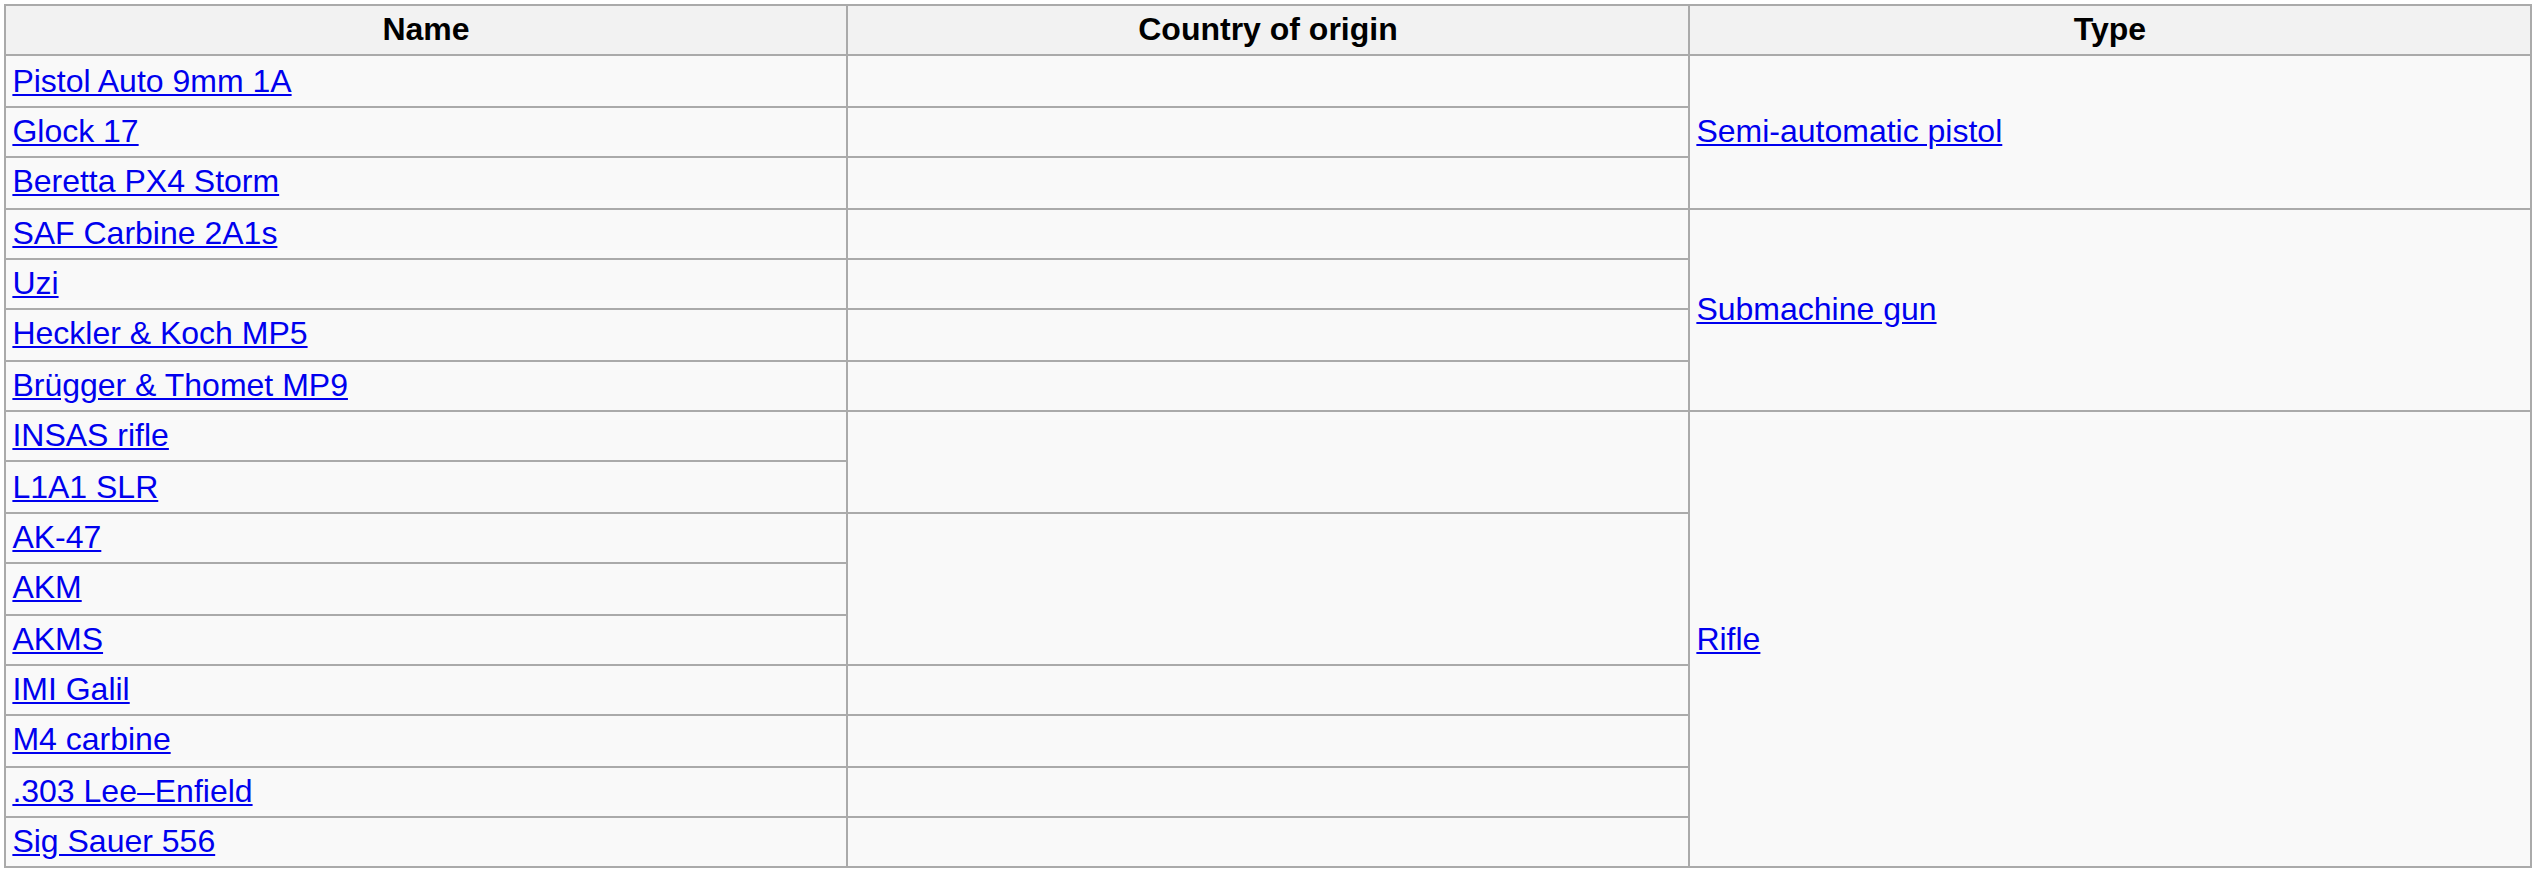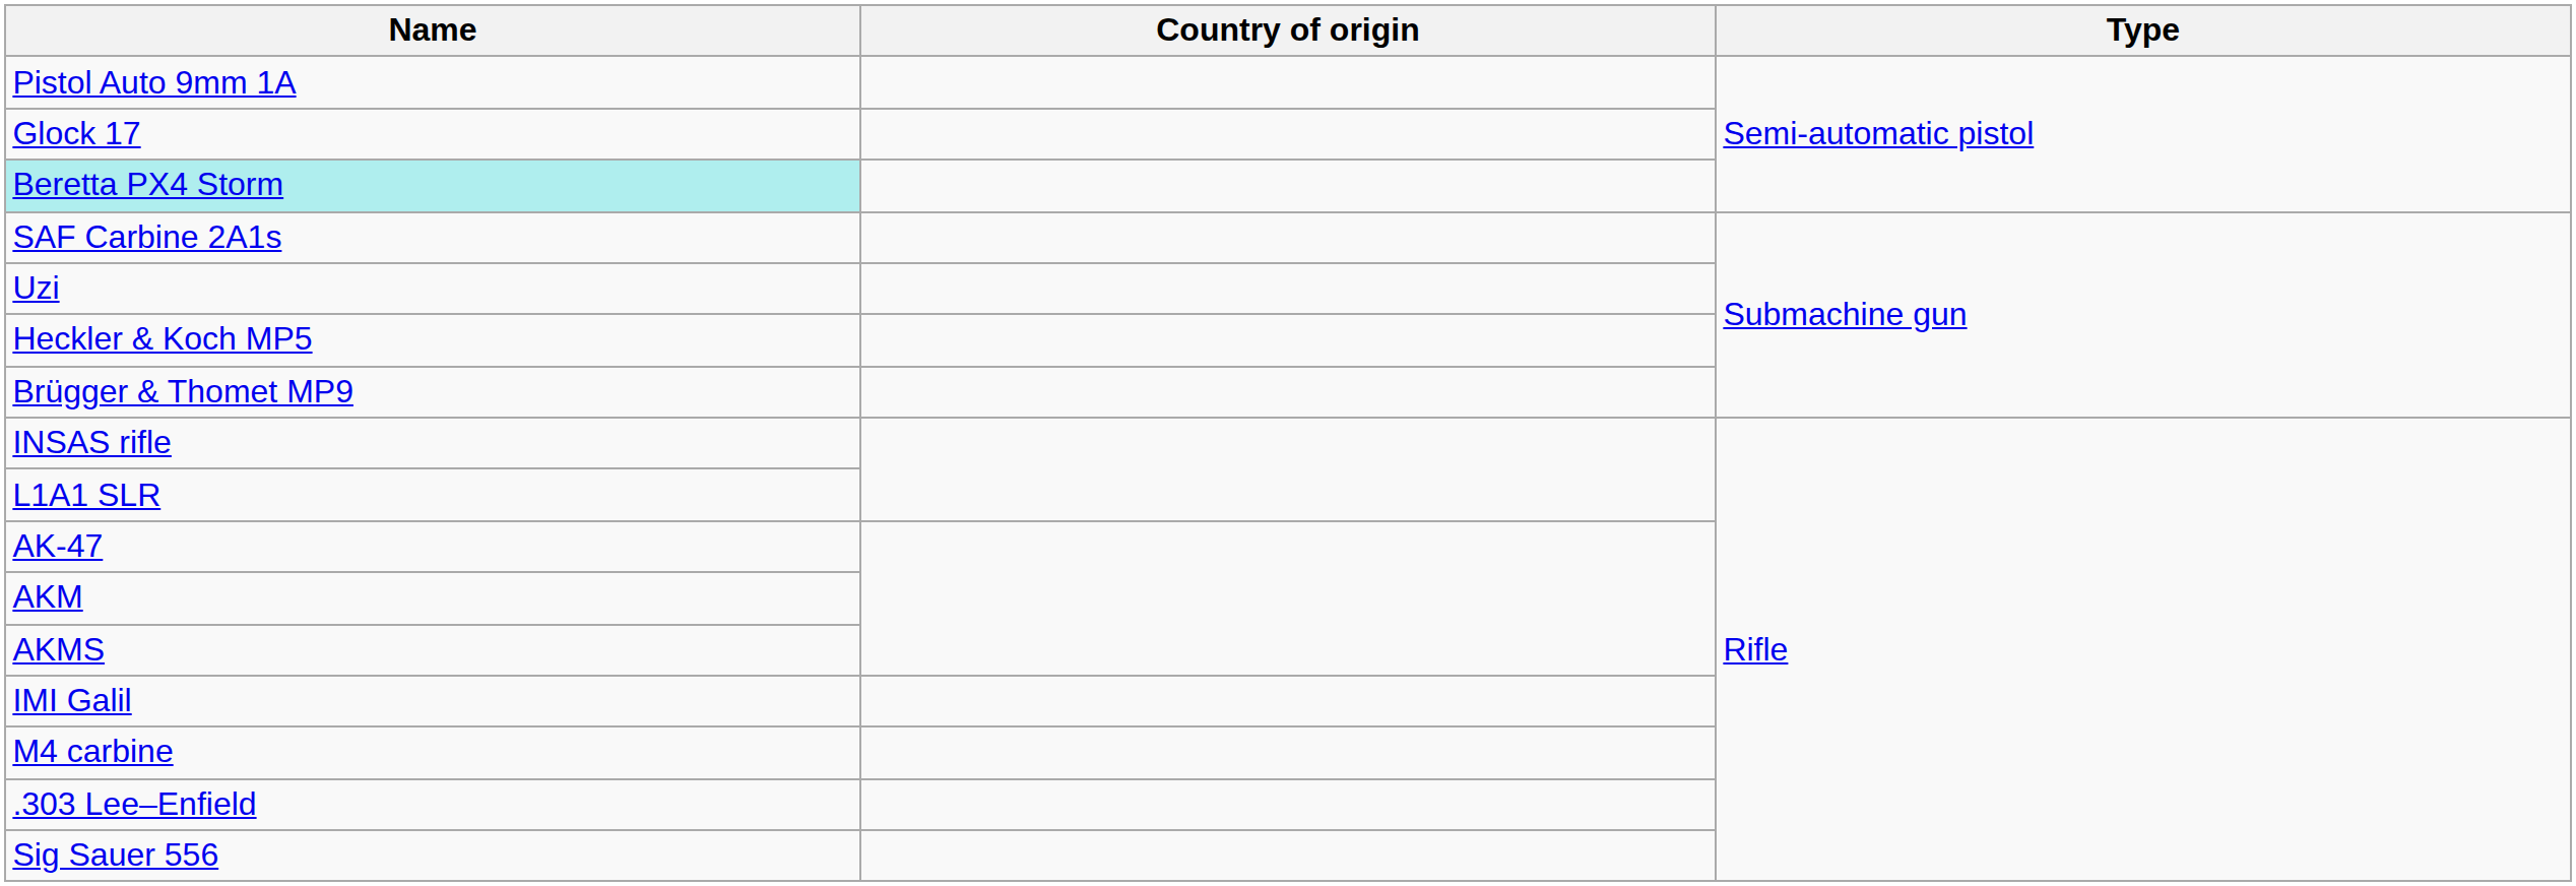 <table class="wikitable" width="100%" border="0">
 <tr>
 <th width="25%">Name</th>
 <th width="25%">Country of origin</th>
 <th width="25%">Type</th>
 </tr>
 <tr>
 <td><a href='#'>Pistol Auto 9mm 1A</a></td>
 <td></td>
 <td rowspan="3"><a href='#'>Semi-automatic pistol</a></td>
 </tr>
 <tr>
 <td><a href='#'>Glock 17</a></td>
 <td></td>
 </tr>
 <tr>
-<td><a href='#'>Beretta PX4 Storm</a></td>
+<td style="background: paleturquoise;"><a href='#'>Beretta PX4 Storm</a></td>
 <td></td>
 </tr>
 <tr>
 <td><a href='#'>SAF Carbine 2A1s</a></td>
 <td></td>
 <td rowspan="4"><a href='#'>Submachine gun</a></td>
 </tr>
 <tr>
 <td><a href='#'>Uzi</a></td>
 <td></td>
 </tr>
 <tr>
 <td><a href='#'>Heckler & Koch MP5</a></td>
 <td></td>
 </tr>
 <tr>
 <td><a href='#'>Brügger & Thomet MP9</a></td>
 <td></td>
 </tr>
 <tr>
 <td><a href='#'>INSAS rifle</a></td>
 <td rowspan="2"></td>
 <td rowspan="9"><a href='#'>Rifle</a></td>
 </tr>
 <tr>
 <td><a href='#'>L1A1 SLR</a></td>
 </tr>
 <tr>
 <td><a href='#'>AK-47</a></td>
 <td rowspan="3"></td>
 </tr>
 <tr>
 <td><a href='#'>AKM</a></td>
 </tr>
 <tr>
 <td><a href='#'>AKMS</a></td>
 </tr>
 <tr>
 <td><a href='#'>IMI Galil</a></td>
 <td></td>
 </tr>
 <tr>
 <td><a href='#'>M4 carbine</a></td>
 <td></td>
 </tr>
 <tr>
 <td><a href='#'>.303 Lee–Enfield</a></td>
 <td></td>
 </tr>
 <tr>
 <td><a href='#'>Sig Sauer 556</a></td>
 <td></td>
 </tr>
 </table>
